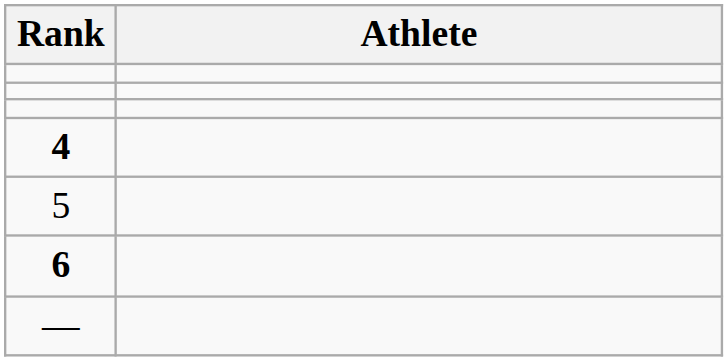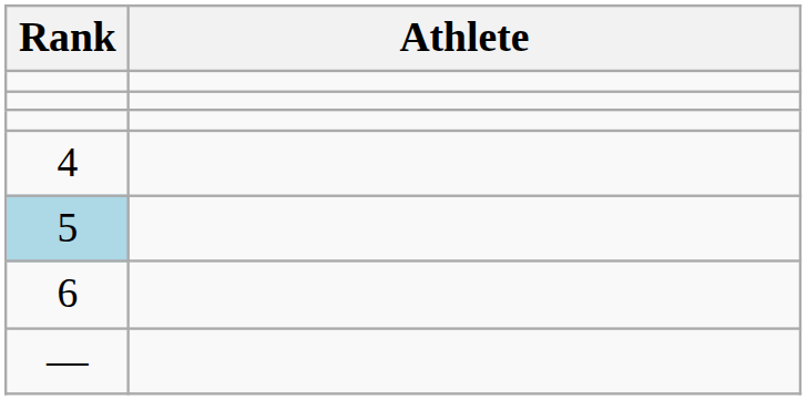 <table class="wikitable" style="text-align: center;">
 <tr>
 <th width=40>Rank</th>
 <th width=250>Athlete</th>
 </tr>
 <tr>
 <td></td>
 <td align=left></td>
 </tr>
 <tr>
 <td></td>
 <td align=left></td>
 </tr>
 <tr>
 <td></td>
 <td align=left></td>
 </tr>
 <tr>
-<td><strong>4</strong></td>
+<td>4</td>
 <td align=left></td>
 </tr>
 <tr>
-<td>5</td>
+<td style="background: lightblue;">5</td>
 <td align=left></td>
 </tr>
 <tr>
-<td><strong>6</strong></td>
+<td>6</td>
 <td align=left></td>
 </tr>
 <tr>
 <td>—</td>
 <td align=left></td>
 </tr>
 </table>
